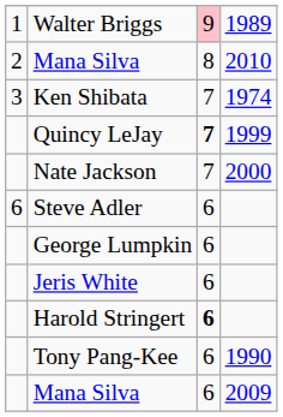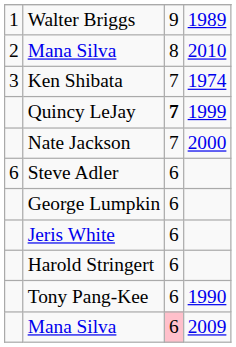 <table class="wikitable">
 <tr>
 </tr>
 <tr>
 <td>1</td>
 <td>Walter Briggs</td>
-<td style="background: pink;">9</td>
+<td>9</td>
 <td><a href='#'>1989</a></td>
 </tr>
 <tr>
 <td>2</td>
 <td><a href='#'>Mana Silva</a></td>
 <td>8</td>
 <td><a href='#'>2010</a></td>
 </tr>
 <tr>
 <td>3</td>
 <td>Ken Shibata</td>
 <td>7</td>
 <td><a href='#'>1974</a></td>
 </tr>
 <tr>
 <td></td>
 <td>Quincy LeJay</td>
 <td><strong>7</strong></td>
 <td><a href='#'>1999</a></td>
 </tr>
 <tr>
 <td></td>
 <td>Nate Jackson</td>
 <td>7</td>
 <td><a href='#'>2000</a></td>
 </tr>
 <tr>
 <td>6</td>
 <td>Steve Adler</td>
 <td>6</td>
 <td></td>
 </tr>
 <tr>
 <td></td>
 <td>George Lumpkin</td>
 <td>6</td>
 <td></td>
 </tr>
 <tr>
 <td></td>
 <td><a href='#'>Jeris White</a></td>
 <td>6</td>
 <td></td>
 </tr>
 <tr>
 <td></td>
 <td>Harold Stringert</td>
-<td><strong>6</strong></td>
+<td>6</td>
 <td></td>
 </tr>
 <tr>
 <td></td>
 <td>Tony Pang-Kee</td>
 <td>6</td>
 <td><a href='#'>1990</a></td>
 </tr>
 <tr>
 <td></td>
 <td><a href='#'>Mana Silva</a></td>
-<td>6</td>
+<td style="background: pink;">6</td>
 <td><a href='#'>2009</a></td>
 </tr>
 </table>
